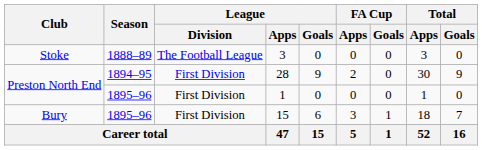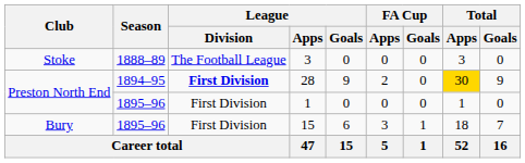 <table class="wikitable" style="text-align: center;">
 <tr>
 <th rowspan="2">Club</th>
 <th rowspan="2">Season</th>
 <th colspan="3">League</th>
 <th colspan="2">FA Cup</th>
 <th colspan="2">Total</th>
 </tr>
 <tr>
 <th>Division</th>
 <th>Apps</th>
 <th>Goals</th>
 <th>Apps</th>
 <th>Goals</th>
 <th>Apps</th>
 <th>Goals</th>
 </tr>
 <tr>
 <td><a href='#'>Stoke</a></td>
 <td><a href='#'>1888–89</a></td>
 <td><a href='#'>The Football League</a></td>
 <td>3</td>
 <td>0</td>
 <td>0</td>
 <td>0</td>
 <td>3</td>
 <td>0</td>
 </tr>
 <tr>
 <td rowspan="2"><a href='#'>Preston North End</a></td>
 <td><a href='#'>1894–95</a></td>
-<td><a href='#'>First Division</a></td>
+<td><strong><a href='#'>First Division</a></strong></td>
 <td>28</td>
 <td>9</td>
 <td>2</td>
 <td>0</td>
-<td>30</td>
+<td style="background: gold;">30</td>
 <td>9</td>
 </tr>
 <tr>
 <td><a href='#'>1895–96</a></td>
 <td>First Division</td>
 <td>1</td>
 <td>0</td>
 <td>0</td>
 <td>0</td>
 <td>1</td>
 <td>0</td>
 </tr>
 <tr>
 <td><a href='#'>Bury</a></td>
 <td><a href='#'>1895–96</a></td>
 <td>First Division</td>
 <td>15</td>
 <td>6</td>
 <td>3</td>
 <td>1</td>
 <td>18</td>
 <td>7</td>
 </tr>
 <tr>
 <th colspan=3>Career total</th>
 <th>47</th>
 <th>15</th>
 <th>5</th>
 <th>1</th>
 <th>52</th>
 <th>16</th>
 </tr>
 </table>
